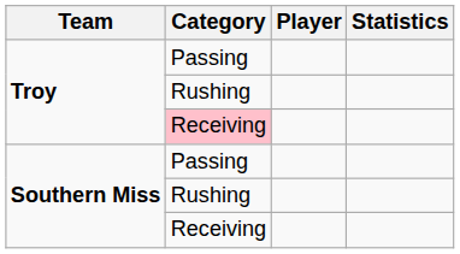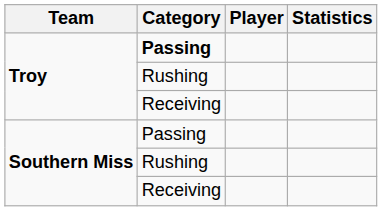 <table class="wikitable" style="float: right;">
 <tr>
 <th>Team</th>
 <th>Category</th>
 <th>Player</th>
 <th>Statistics</th>
 </tr>
 <tr>
 <td rowspan=3><strong>Troy</strong></td>
-<td>Passing</td>
+<td><strong>Passing</strong></td>
 <td></td>
 <td></td>
 </tr>
 <tr>
 <td>Rushing</td>
 <td></td>
 <td></td>
 </tr>
 <tr>
-<td style="background: pink;">Receiving</td>
+<td>Receiving</td>
 <td></td>
 <td></td>
 </tr>
 <tr>
 <td rowspan=3><strong>Southern Miss</strong></td>
 <td>Passing</td>
 <td></td>
 <td></td>
 </tr>
 <tr>
 <td>Rushing</td>
 <td></td>
 <td></td>
 </tr>
 <tr>
 <td>Receiving</td>
 <td></td>
 <td></td>
 </tr>
 </table>
